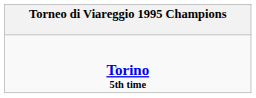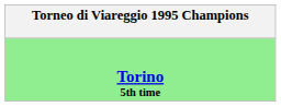 <table class="wikitable" style="margin: 0 auto; width: 30%;">
 <tr>
 <th><big>Torneo di Viareggio 1995 Champions</big><br><br></th>
 </tr>
 <tr>
-<td align=center><br><br><big><big><strong><a href='#'>Torino</a></strong><br></big></big><strong>5th time</strong></td>
+<td align=center style="background: lightgreen;"><br><br><big><big><strong><a href='#'>Torino</a></strong><br></big></big><strong>5th time</strong></td>
 </tr>
 </table>
